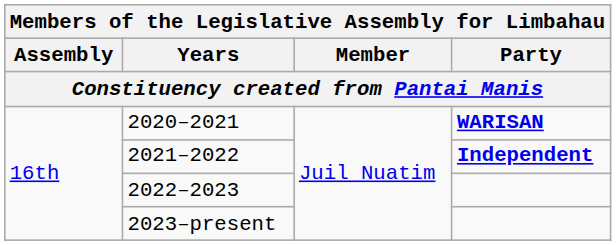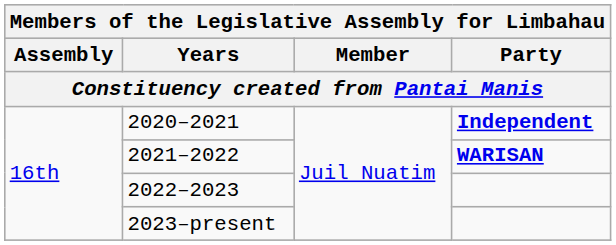 <table class=wikitable>
 <tr>
 <th colspan="4">Members of the Legislative Assembly for Limbahau</th>
 </tr>
 <tr>
 <th>Assembly</th>
 <th>Years</th>
 <th>Member</th>
 <th>Party</th>
 </tr>
 <tr>
 <th colspan=4 align=center><em>Constituency created from <a href='#'>Pantai Manis</a></em></th>
 </tr>
 <tr>
 <td rowspan="4"><a href='#'>16th</a></td>
 <td>2020–2021</td>
 <td rowspan="4"><a href='#'>Juil Nuatim</a></td>
-<td><strong><a href='#'>WARISAN</a></strong></td>
+<td><strong><a href='#'>Independent</a></strong></td>
 </tr>
 <tr>
 <td>2021–2022</td>
-<td><strong><a href='#'>Independent</a></strong></td>
+<td><strong><a href='#'>WARISAN</a></strong></td>
 </tr>
 <tr>
 <td>2022–2023</td>
 <td></td>
 </tr>
 <tr>
 <td>2023–present</td>
 <td></td>
 </tr>
 </table>
